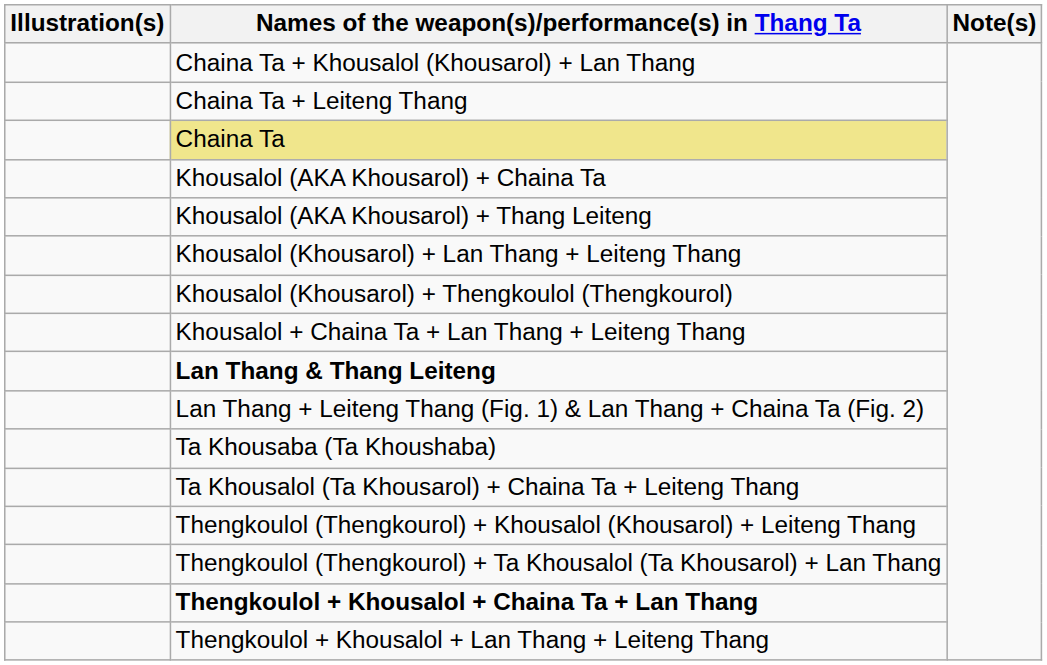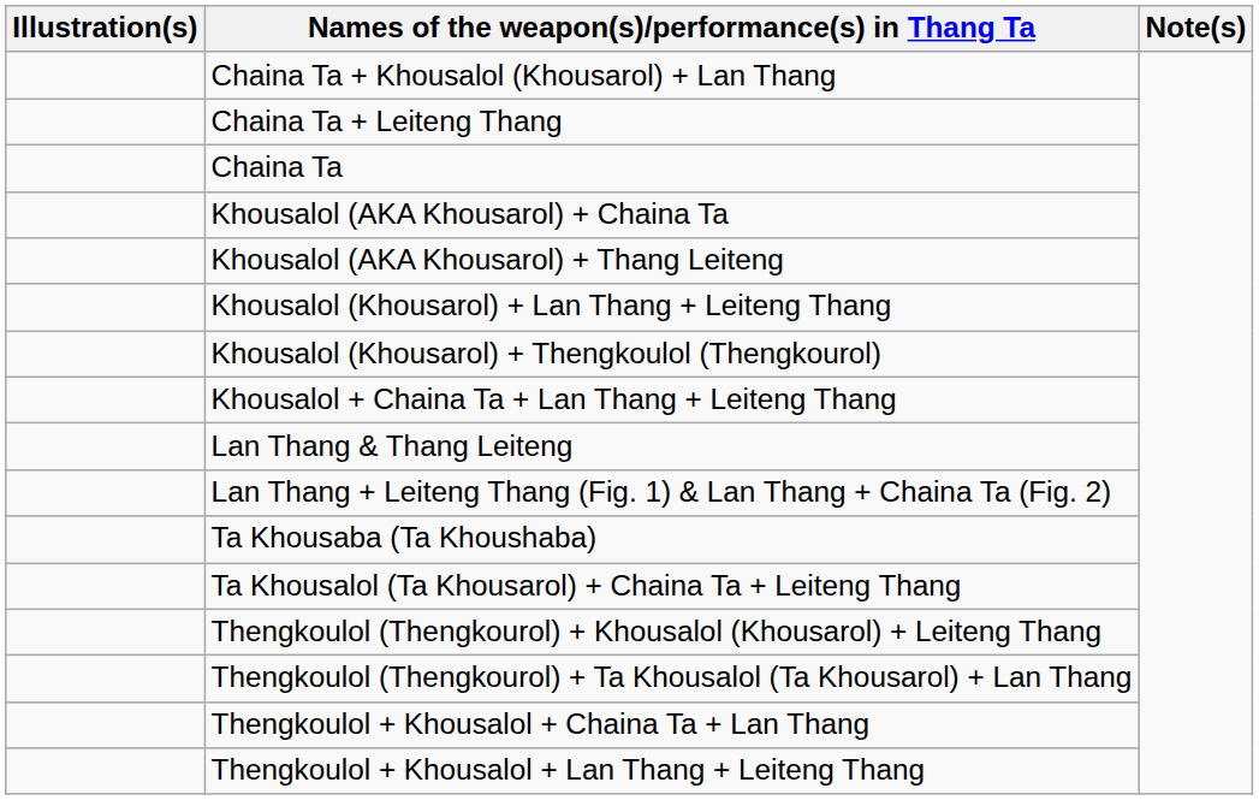 <table class="wikitable">
 <tr>
 <th>Illustration(s)</th>
 <th>Names of the weapon(s)/performance(s) in <a href='#'>Thang Ta</a></th>
 <th>Note(s)</th>
 </tr>
 <tr>
 <td></td>
 <td>Chaina Ta + Khousalol (Khousarol) + Lan Thang</td>
 <td rowspan="16"></td>
 </tr>
 <tr>
 <td></td>
 <td>Chaina Ta + Leiteng Thang</td>
 </tr>
 <tr>
 <td></td>
-<td style="background: khaki;">Chaina Ta</td>
+<td>Chaina Ta</td>
 </tr>
 <tr>
 <td></td>
 <td>Khousalol (AKA Khousarol) + Chaina Ta</td>
 </tr>
 <tr>
 <td></td>
 <td>Khousalol (AKA Khousarol) + Thang Leiteng</td>
 </tr>
 <tr>
 <td></td>
 <td>Khousalol (Khousarol) + Lan Thang + Leiteng Thang</td>
 </tr>
 <tr>
 <td></td>
 <td>Khousalol (Khousarol) + Thengkoulol (Thengkourol)</td>
 </tr>
 <tr>
 <td></td>
 <td>Khousalol + Chaina Ta + Lan Thang + Leiteng Thang</td>
 </tr>
 <tr>
 <td></td>
-<td><strong>Lan Thang & Thang Leiteng</strong></td>
+<td>Lan Thang & Thang Leiteng</td>
 </tr>
 <tr>
 <td></td>
 <td>Lan Thang + Leiteng Thang (Fig. 1) & Lan Thang + Chaina Ta (Fig. 2)</td>
 </tr>
 <tr>
 <td></td>
 <td>Ta Khousaba (Ta Khoushaba)</td>
 </tr>
 <tr>
 <td></td>
 <td>Ta Khousalol (Ta Khousarol) + Chaina Ta + Leiteng Thang</td>
 </tr>
 <tr>
 <td></td>
 <td>Thengkoulol (Thengkourol) + Khousalol (Khousarol) + Leiteng Thang</td>
 </tr>
 <tr>
 <td></td>
 <td>Thengkoulol (Thengkourol) + Ta Khousalol (Ta Khousarol) + Lan Thang</td>
 </tr>
 <tr>
 <td></td>
-<td><strong>Thengkoulol + Khousalol + Chaina Ta + Lan Thang</strong></td>
+<td>Thengkoulol + Khousalol + Chaina Ta + Lan Thang</td>
 </tr>
 <tr>
 <td></td>
 <td>Thengkoulol + Khousalol + Lan Thang + Leiteng Thang</td>
 </tr>
 </table>
